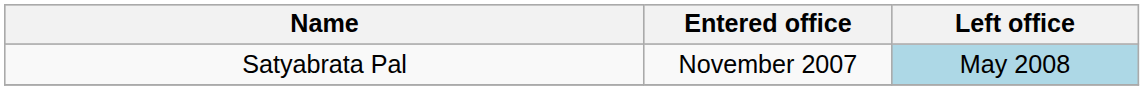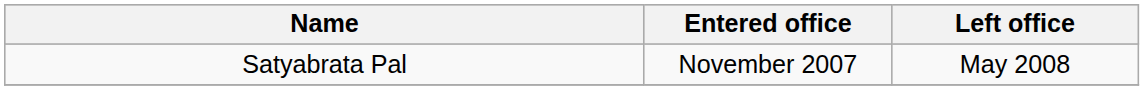 <table class="wikitable" style="text-align:center">
 <tr style="background:#cccccc">
 <th scope="col" style="width: 400px;">Name</th>
 <th scope="col" style="width: 150px;">Entered office</th>
 <th scope="col" style="width: 150px;">Left office</th>
 </tr>
 <tr>
 <td>Satyabrata Pal</td>
 <td>November 2007</td>
-<td style="background: lightblue;">May 2008</td>
+<td>May 2008</td>
 </tr>
 <tr>
 </tr>
 </table>
